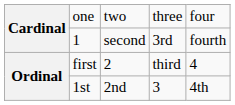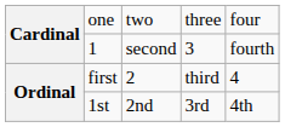 <table class="wikitable floatright">
 <tr>
 <th rowspan="2">Cardinal</th>
 <td>one</td>
 <td>two</td>
 <td>three</td>
 <td>four</td>
 </tr>
 <tr>
 <td>1</td>
 <td>second</td>
-<td>3rd</td>
+<td>3</td>
 <td>fourth</td>
 </tr>
 <tr>
 <th rowspan="2">Ordinal</th>
 <td>first</td>
 <td>2</td>
 <td>third</td>
 <td>4</td>
 </tr>
 <tr>
 <td>1st</td>
 <td>2nd</td>
-<td>3</td>
+<td>3rd</td>
 <td>4th</td>
 </tr>
 </table>
